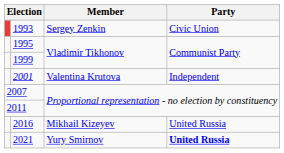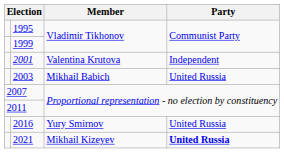 <table class="wikitable">
 <tr>
 <th colspan="2">Election</th>
 <th>Member</th>
 <th>Party</th>
-</tr>
-<tr>
-<td style="background-color:#EA3C38"></td>
-<td><a href='#'>1993</a></td>
-<td><a href='#'>Sergey Zenkin</a></td>
-<td><a href='#'>Civic Union</a></td>
 </tr>
 <tr>
 <td style="background-color:"></td>
 <td><a href='#'>1995</a></td>
 <td rowspan=2><a href='#'>Vladimir Tikhonov</a></td>
 <td rowspan=2><a href='#'>Communist Party</a></td>
 </tr>
 <tr>
 <td style="background-color:"></td>
 <td><a href='#'>1999</a></td>
 </tr>
 <tr>
 <td style="background-color:"></td>
 <td><em><a href='#'>2001</a></em></td>
 <td><a href='#'>Valentina Krutova</a></td>
 <td><a href='#'>Independent</a></td>
 </tr>
 <tr>
+<td style="background-color: "></td>
+<td><a href='#'>2003</a></td>
+<td><a href='#'>Mikhail Babich</a></td>
+<td><a href='#'>United Russia</a></td>
+</tr>
+<tr>
 <td colspan=2><a href='#'>2007</a></td>
 <td colspan=2 rowspan=2><em><a href='#'>Proportional representation</a> - no election by constituency</em></td>
 </tr>
 <tr>
 <td colspan=2><a href='#'>2011</a></td>
 </tr>
 <tr>
 <td style="background-color: "></td>
 <td><a href='#'>2016</a></td>
-<td><a href='#'>Mikhail Kizeyev</a></td>
+<td><a href='#'>Yury Smirnov</a></td>
 <td><a href='#'>United Russia</a></td>
 </tr>
 <tr>
 <td style="background-color: "></td>
 <td><a href='#'>2021</a></td>
-<td><a href='#'>Yury Smirnov</a></td>
+<td><a href='#'>Mikhail Kizeyev</a></td>
 <td><strong><a href='#'>United Russia</a></strong></td>
 </tr>
 </table>
